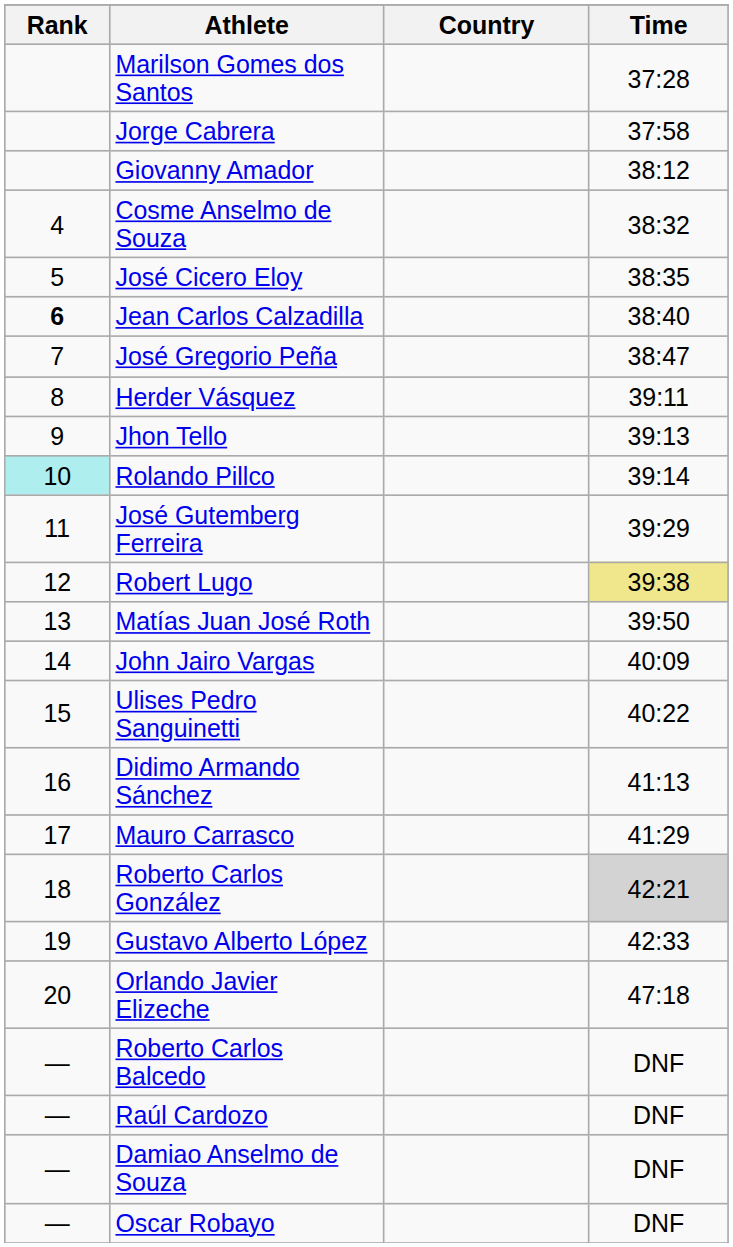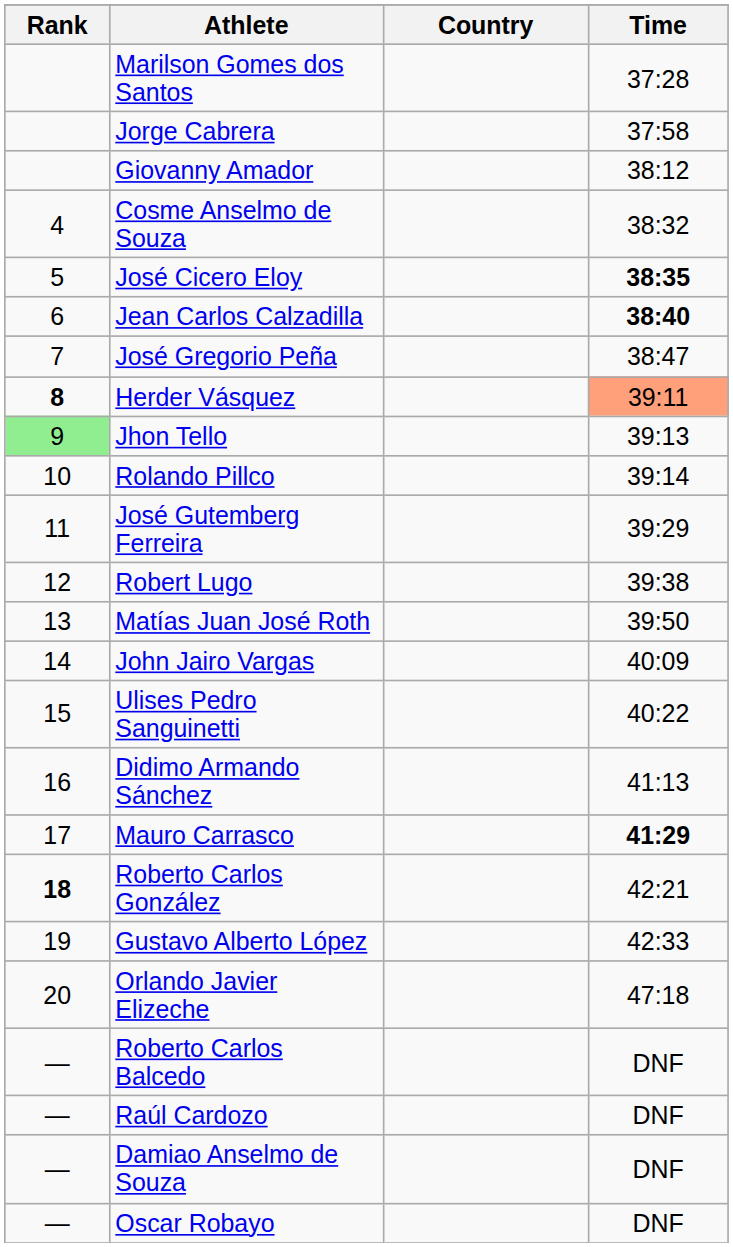 <table class="wikitable sortable" style=" text-align:center; font-size:95%;" width="50%">
 <tr>
 </tr>
 <tr>
 <th width=5%>Rank</th>
 <th width=20%>Athlete</th>
 <th width=15%>Country</th>
 <th width=10%>Time</th>
 </tr>
 <tr>
 <td align=center></td>
 <td align=left><a href='#'>Marilson Gomes dos Santos</a></td>
 <td align=left></td>
 <td>37:28</td>
 </tr>
 <tr>
 <td align=center></td>
 <td align=left><a href='#'>Jorge Cabrera</a></td>
 <td align=left></td>
 <td>37:58</td>
 </tr>
 <tr>
 <td align=center></td>
 <td align=left><a href='#'>Giovanny Amador</a></td>
 <td align=left></td>
 <td>38:12</td>
 </tr>
 <tr>
 <td align=center>4</td>
 <td align=left><a href='#'>Cosme Anselmo de Souza</a></td>
 <td align=left></td>
 <td>38:32</td>
 </tr>
 <tr>
 <td align=center>5</td>
 <td align=left><a href='#'>José Cicero Eloy</a></td>
 <td align=left></td>
-<td>38:35</td>
+<td><strong>38:35</strong></td>
 </tr>
 <tr>
-<td align=center><strong>6</strong></td>
+<td align=center>6</td>
 <td align=left><a href='#'>Jean Carlos Calzadilla</a></td>
 <td align=left></td>
-<td>38:40</td>
+<td><strong>38:40</strong></td>
 </tr>
 <tr>
 <td align=center>7</td>
 <td align=left><a href='#'>José Gregorio Peña</a></td>
 <td align=left></td>
 <td>38:47</td>
 </tr>
 <tr>
-<td align=center>8</td>
+<td align=center><strong>8</strong></td>
 <td align=left><a href='#'>Herder Vásquez</a></td>
 <td align=left></td>
-<td>39:11</td>
+<td style="background: lightsalmon;">39:11</td>
 </tr>
 <tr>
-<td align=center>9</td>
+<td align=center style="background: lightgreen;">9</td>
 <td align=left><a href='#'>Jhon Tello</a></td>
 <td align=left></td>
 <td>39:13</td>
 </tr>
 <tr>
-<td align=center style="background: paleturquoise;">10</td>
+<td align=center>10</td>
 <td align=left><a href='#'>Rolando Pillco</a></td>
 <td align=left></td>
 <td>39:14</td>
 </tr>
 <tr>
 <td align=center>11</td>
 <td align=left><a href='#'>José Gutemberg Ferreira</a></td>
 <td align=left></td>
 <td>39:29</td>
 </tr>
 <tr>
 <td align=center>12</td>
 <td align=left><a href='#'>Robert Lugo</a></td>
 <td align=left></td>
-<td style="background: khaki;">39:38</td>
+<td>39:38</td>
 </tr>
 <tr>
 <td align=center>13</td>
 <td align=left><a href='#'>Matías Juan José Roth</a></td>
 <td align=left></td>
 <td>39:50</td>
 </tr>
 <tr>
 <td align=center>14</td>
 <td align=left><a href='#'>John Jairo Vargas</a></td>
 <td align=left></td>
 <td>40:09</td>
 </tr>
 <tr>
 <td align=center>15</td>
 <td align=left><a href='#'>Ulises Pedro Sanguinetti</a></td>
 <td align=left></td>
 <td>40:22</td>
 </tr>
 <tr>
 <td align=center>16</td>
 <td align=left><a href='#'>Didimo Armando Sánchez</a></td>
 <td align=left></td>
 <td>41:13</td>
 </tr>
 <tr>
 <td align=center>17</td>
 <td align=left><a href='#'>Mauro Carrasco</a></td>
 <td align=left></td>
-<td>41:29</td>
+<td><strong>41:29</strong></td>
 </tr>
 <tr>
-<td align=center>18</td>
+<td align=center><strong>18</strong></td>
 <td align=left><a href='#'>Roberto Carlos González</a></td>
 <td align=left></td>
-<td style="background: lightgrey;">42:21</td>
+<td>42:21</td>
 </tr>
 <tr>
 <td align=center>19</td>
 <td align=left><a href='#'>Gustavo Alberto López</a></td>
 <td align=left></td>
 <td>42:33</td>
 </tr>
 <tr>
 <td align=center>20</td>
 <td align=left><a href='#'>Orlando Javier Elizeche</a></td>
 <td align=left></td>
 <td>47:18</td>
 </tr>
 <tr>
 <td align=center>—</td>
 <td align=left><a href='#'>Roberto Carlos Balcedo</a></td>
 <td align=left></td>
 <td>DNF</td>
 </tr>
 <tr>
 <td align=center>—</td>
 <td align=left><a href='#'>Raúl Cardozo</a></td>
 <td align=left></td>
 <td>DNF</td>
 </tr>
 <tr>
 <td align=center>—</td>
 <td align=left><a href='#'>Damiao Anselmo de Souza</a></td>
 <td align=left></td>
 <td>DNF</td>
 </tr>
 <tr>
 <td align=center>—</td>
 <td align=left><a href='#'>Oscar Robayo</a></td>
 <td align=left></td>
 <td>DNF</td>
 </tr>
 </table>
